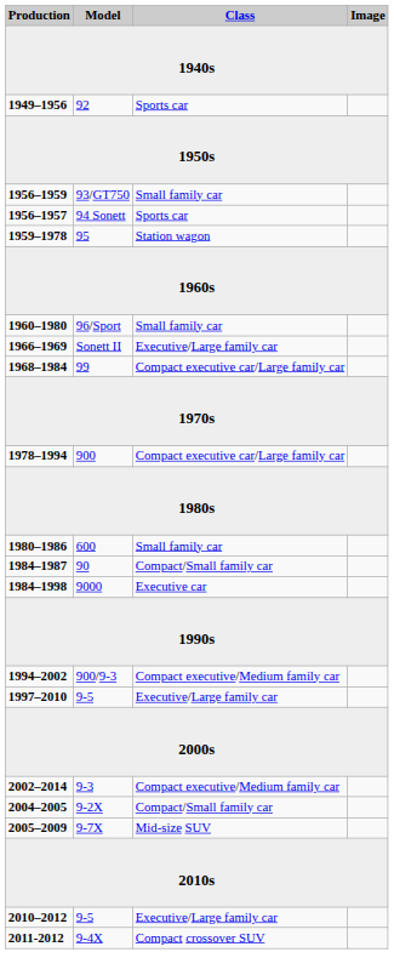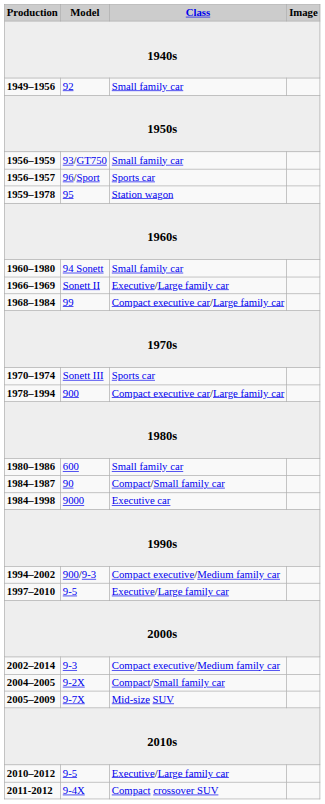 <table class="wikitable">
 <tr class="backgroundcolor5">
 <td style="background:#CCCCCC; text-align:center"><strong>Production</strong></td>
 <th style="background:#CCCCCC; text-align:center">Model</th>
 <th style="background:#CCCCCC; text-align:center"><a href='#'>Class</a></th>
 <th style="background:#CCCCCC; text-align:center">Image</th>
 </tr>
 <tr>
 <td style="background:#EEEEEE; text-align:center" colspan="4"><br><h3>1940s</h3></td>
 </tr>
 <tr>
 <td><strong>1949–1956</strong></td>
 <td><a href='#'>92</a></td>
-<td><a href='#'>Sports car</a></td>
+<td><a href='#'>Small family car</a></td>
 <td></td>
 </tr>
 <tr>
 <td style="background:#EEEEEE; text-align:center" colspan="4"><br><h3>1950s</h3></td>
 </tr>
 <tr>
 <td><strong>1956–1959</strong></td>
 <td><a href='#'>93</a>/<a href='#'>GT750</a></td>
 <td><a href='#'>Small family car</a></td>
 <td></td>
 </tr>
 <tr>
 <td><strong>1956–1957</strong></td>
-<td><a href='#'>94 Sonett</a></td>
+<td><a href='#'>96</a>/<a href='#'>Sport</a></td>
 <td><a href='#'>Sports car</a></td>
 <td></td>
 </tr>
 <tr>
 <td><strong>1959–1978</strong></td>
 <td><a href='#'>95</a></td>
 <td><a href='#'>Station wagon</a></td>
 <td></td>
 </tr>
 <tr>
 <td style="background:#EEEEEE; text-align:center" colspan="4"><br><h3>1960s</h3></td>
 </tr>
 <tr>
 <td><strong>1960–1980</strong></td>
-<td><a href='#'>96</a>/<a href='#'>Sport</a></td>
+<td><a href='#'>94 Sonett</a></td>
 <td><a href='#'>Small family car</a></td>
 <td></td>
 </tr>
 <tr>
 <td><strong>1966–1969</strong></td>
 <td><a href='#'>Sonett II</a></td>
 <td><a href='#'>Executive</a>/<a href='#'>Large family car</a></td>
 <td></td>
 </tr>
 <tr>
 <td><strong>1968–1984</strong></td>
 <td><a href='#'>99</a></td>
 <td><a href='#'>Compact executive car</a>/<a href='#'>Large family car</a></td>
 <td></td>
 </tr>
 <tr>
 <td style="background:#EEEEEE; text-align:center" colspan="4"><br><h3>1970s</h3></td>
+</tr>
+<tr>
+<td><strong>1970–1974</strong></td>
+<td><a href='#'>Sonett III</a></td>
+<td><a href='#'>Sports car</a></td>
+<td></td>
 </tr>
 <tr>
 <td><strong>1978–1994</strong></td>
 <td><a href='#'>900</a></td>
 <td><a href='#'>Compact executive car</a>/<a href='#'>Large family car</a></td>
 <td></td>
 </tr>
 <tr>
 <td style="background:#EEEEEE; text-align:center" colspan="4"><br><h3>1980s</h3></td>
 </tr>
 <tr>
 <td><strong>1980–1986</strong></td>
 <td><a href='#'>600</a></td>
 <td><a href='#'>Small family car</a></td>
 <td></td>
 </tr>
 <tr>
 <td><strong>1984–1987</strong></td>
 <td><a href='#'>90</a></td>
 <td><a href='#'>Compact</a>/<a href='#'>Small family car</a></td>
 <td></td>
 </tr>
 <tr>
 <td><strong>1984–1998</strong></td>
 <td><a href='#'>9000</a></td>
 <td><a href='#'>Executive car</a></td>
 <td></td>
 </tr>
 <tr>
 <td style="background:#EEEEEE; text-align:center" colspan="4"><br><h3>1990s</h3></td>
 </tr>
 <tr>
 <td><strong>1994–2002</strong></td>
 <td><a href='#'>900</a>/<a href='#'>9-3</a></td>
 <td><a href='#'>Compact executive</a>/<a href='#'>Medium family car</a></td>
 <td></td>
 </tr>
 <tr *NOTE !  saab convertibles used the OG body 9-3 until 2003 then switched to the second generation 9-3 chassis  in 2004>
 <td><strong>1997–2010</strong></td>
 <td><a href='#'>9-5</a></td>
 <td><a href='#'>Executive</a>/<a href='#'>Large family car</a></td>
 <td></td>
 </tr>
 <tr>
 <td style="background:#EEEEEE; text-align:center" colspan="4"><br><h3>2000s</h3></td>
 </tr>
 <tr>
 <td><strong>2002–2014</strong></td>
 <td><a href='#'>9-3</a></td>
 <td><a href='#'>Compact executive</a>/<a href='#'>Medium family car</a></td>
 <td></td>
 </tr>
 <tr>
 <td><strong>2004–2005</strong></td>
 <td><a href='#'>9-2X</a></td>
 <td><a href='#'>Compact</a>/<a href='#'>Small family car</a></td>
 <td></td>
 </tr>
 <tr>
 <td><strong>2005–2009</strong></td>
 <td><a href='#'>9-7X</a></td>
 <td><a href='#'>Mid-size</a> <a href='#'>SUV</a></td>
 <td></td>
 </tr>
 <tr>
 <td style="background:#EEEEEE; text-align:center" colspan="4"><br><h3>2010s</h3></td>
 </tr>
 <tr>
 <td><strong>2010–2012</strong></td>
 <td><a href='#'>9-5</a></td>
 <td><a href='#'>Executive</a>/<a href='#'>Large family car</a></td>
 <td></td>
 </tr>
 <tr>
 <td><strong>2011-2012</strong></td>
 <td><a href='#'>9-4X</a></td>
 <td><a href='#'>Compact</a> <a href='#'>crossover SUV</a></td>
 <td></td>
 </tr>
 </table>
